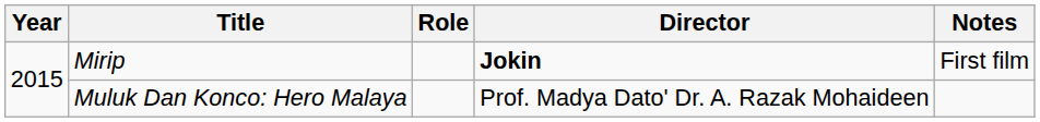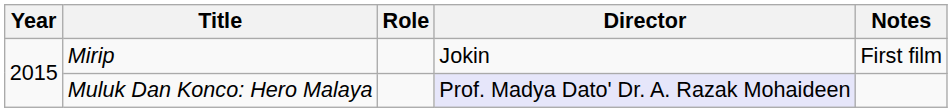 <table class="wikitable">
 <tr>
 <th>Year</th>
 <th>Title</th>
 <th>Role</th>
 <th>Director</th>
 <th>Notes</th>
 </tr>
 <tr>
 <td rowspan=2>2015</td>
 <td><em>Mirip</em></td>
 <td></td>
-<td><strong>Jokin</strong></td>
+<td>Jokin</td>
 <td>First film</td>
 </tr>
 <tr>
 <td><em>Muluk Dan Konco: Hero Malaya</em></td>
 <td></td>
-<td>Prof. Madya Dato' Dr. A. Razak Mohaideen</td>
+<td style="background: lavender;">Prof. Madya Dato' Dr. A. Razak Mohaideen</td>
 <td></td>
 </tr>
 </table>
